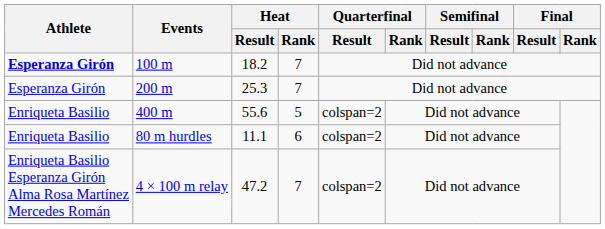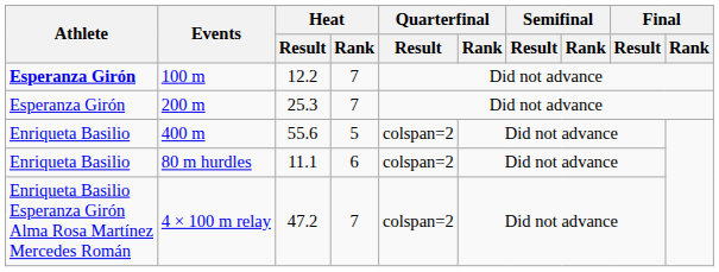 <table class=wikitable style="font-size:90%">
 <tr>
 <th rowspan="2">Athlete</th>
 <th rowspan="2">Events</th>
 <th colspan="2">Heat</th>
 <th colspan="2">Quarterfinal</th>
 <th colspan="2">Semifinal</th>
 <th colspan="2">Final</th>
 </tr>
 <tr>
 <th>Result</th>
 <th>Rank</th>
 <th>Result</th>
 <th>Rank</th>
 <th>Result</th>
 <th>Rank</th>
 <th>Result</th>
 <th>Rank</th>
 </tr>
 <tr align=center>
 <td align=left><strong><a href='#'>Esperanza Girón</a></strong></td>
 <td align=left><a href='#'>100 m</a></td>
-<td>18.2</td>
+<td>12.2</td>
 <td>7</td>
 <td colspan=6>Did not advance</td>
 </tr>
 <tr align=center>
 <td align=left><a href='#'>Esperanza Girón</a></td>
 <td align=left><a href='#'>200 m</a></td>
 <td>25.3</td>
 <td>7</td>
 <td colspan=6>Did not advance</td>
 </tr>
 <tr align=center>
 <td align=left><a href='#'>Enriqueta Basilio</a></td>
 <td align=left><a href='#'>400 m</a></td>
 <td>55.6</td>
 <td>5</td>
 <td>colspan=2 </td>
 <td colspan=4>Did not advance</td>
 </tr>
 <tr align=center>
 <td align=left><a href='#'>Enriqueta Basilio</a></td>
 <td align=left><a href='#'>80 m hurdles</a></td>
 <td>11.1</td>
 <td>6</td>
 <td>colspan=2 </td>
 <td colspan=4>Did not advance</td>
 </tr>
 <tr align=center>
 <td align=left><a href='#'>Enriqueta Basilio</a><br><a href='#'>Esperanza Girón</a><br><a href='#'>Alma Rosa Martínez</a><br><a href='#'>Mercedes Román</a></td>
 <td align=left><a href='#'>4 × 100 m relay</a></td>
 <td>47.2</td>
 <td>7</td>
 <td>colspan=2 </td>
 <td colspan=4>Did not advance</td>
 </tr>
 </table>
